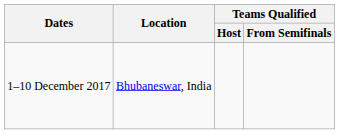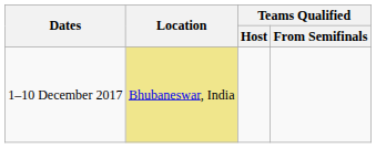 <table class=wikitable>
 <tr>
 <th rowspan=2>Dates</th>
 <th rowspan=2>Location</th>
 <th colspan=2>Teams Qualified</th>
 </tr>
 <tr>
 <th>Host</th>
 <th>From Semifinals</th>
 </tr>
 <tr>
 <td>1–10 December 2017</td>
-<td><a href='#'>Bhubaneswar</a>, India</td>
+<td style="background: khaki;"><a href='#'>Bhubaneswar</a>, India</td>
 <td></td>
 <td><br><br><br><br><br><br></td>
 </tr>
 </table>
